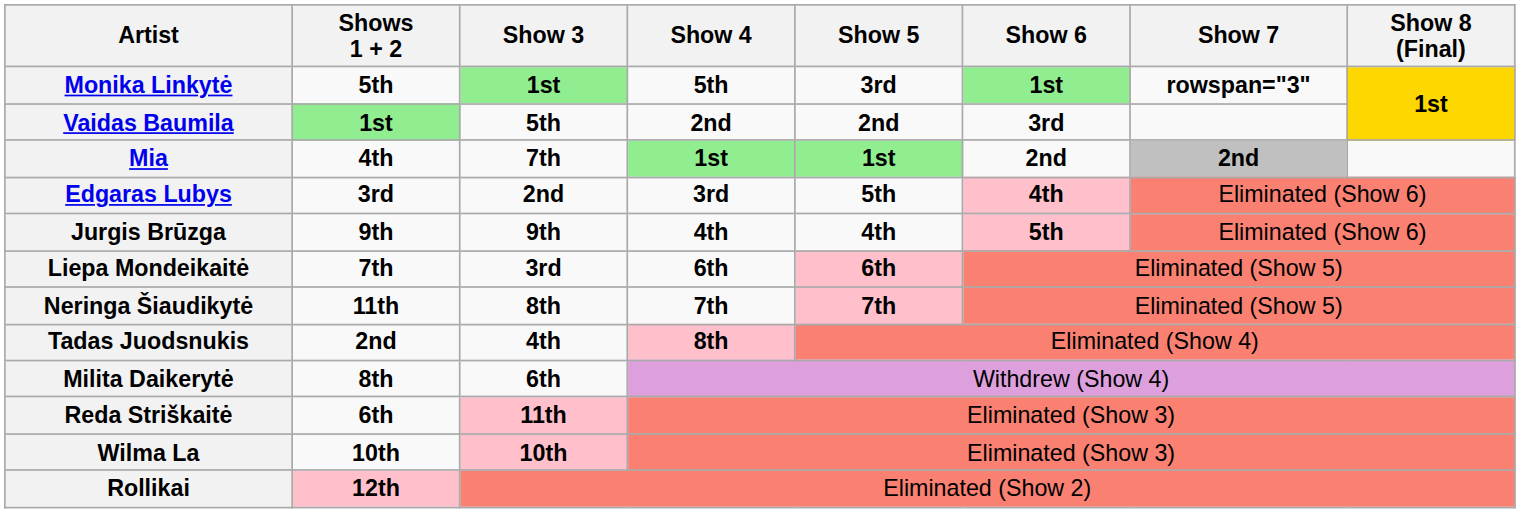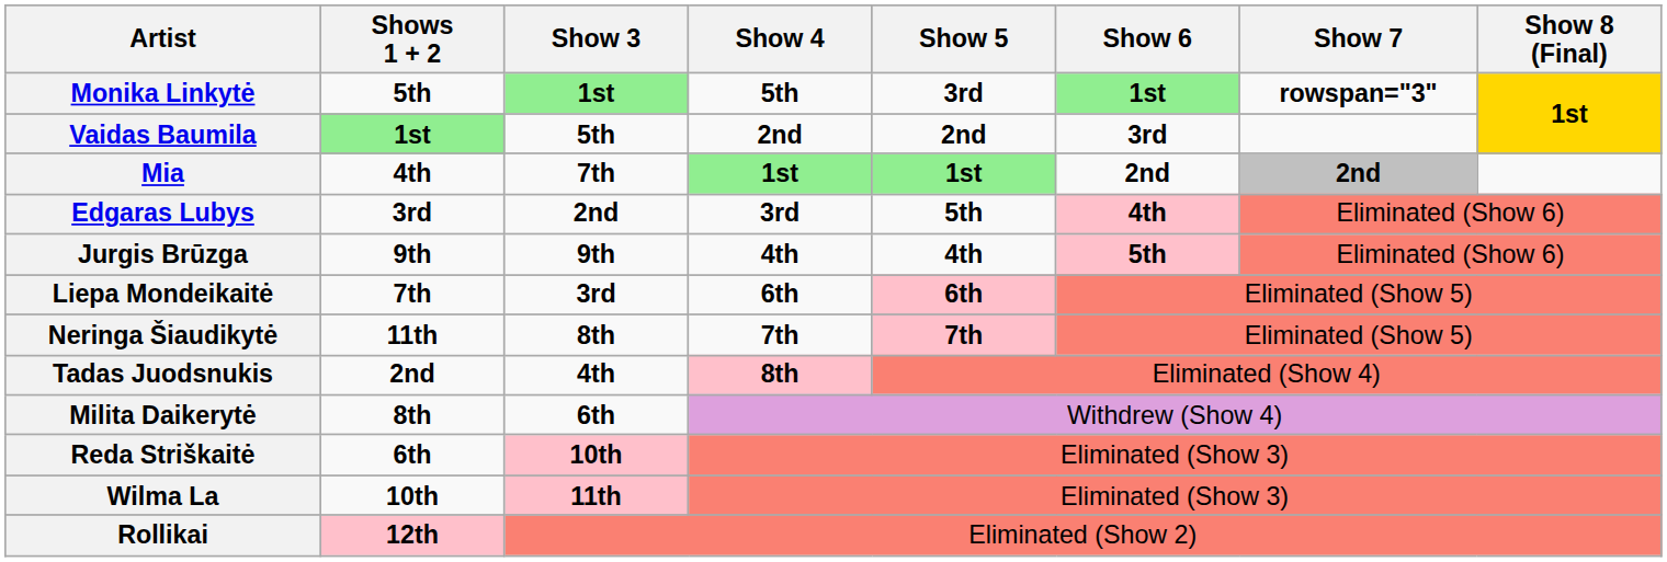 <table class="wikitable" style="margin: 1em auto 1em auto; text-align:center; font-size:85%">
 <tr>
 <th style="width:12%">Artist</th>
 <th scope="col"style="width:7%">Shows<br>1 + 2</th>
 <th scope="col"style="width:7%">Show 3</th>
 <th scope="col"style="width:7%">Show 4</th>
 <th scope="col"style="width:7%">Show 5</th>
 <th scope="col"style="width:7%">Show 6</th>
 <th scope="col"style="width:7%">Show 7</th>
 <th scope="col" style="width:7%">Show 8<br>(Final)</th>
 </tr>
 <tr>
 <th scope="row"><a href='#'>Monika Linkytė</a></th>
 <td><strong>5th</strong></td>
 <td style="background:lightgreen"><strong>1st</strong></td>
 <td><strong>5th</strong></td>
 <td><strong>3rd</strong></td>
 <td style="background:lightgreen"><strong>1st</strong></td>
 <td><strong>rowspan="3" </strong></td>
 <td style="background:gold" rowspan="2"><strong>1st</strong></td>
 </tr>
 <tr>
 <th scope="row"><a href='#'>Vaidas Baumila</a></th>
 <td style="background:lightgreen"><strong>1st</strong></td>
 <td><strong>5th</strong></td>
 <td><strong>2nd</strong></td>
 <td><strong>2nd</strong></td>
 <td><strong>3rd</strong></td>
 </tr>
 <tr>
 <th scope="row"><a href='#'>Mia</a></th>
 <td><strong>4th</strong></td>
 <td><strong>7th</strong></td>
 <td style="background:lightgreen"><strong>1st</strong></td>
 <td style="background:lightgreen"><strong>1st</strong></td>
 <td><strong>2nd</strong></td>
 <td style="background:silver"><strong>2nd</strong></td>
 </tr>
 <tr>
 <th scope="row"><a href='#'>Edgaras Lubys</a></th>
 <td><strong>3rd</strong></td>
 <td><strong>2nd</strong></td>
 <td><strong>3rd</strong></td>
 <td><strong>5th</strong></td>
 <td style="background:pink"><strong>4th</strong></td>
 <td colspan="2" style="background:#FA8072">Eliminated (Show 6)</td>
 </tr>
 <tr>
 <th scope="row">Jurgis Brūzga</th>
 <td><strong>9th</strong></td>
 <td><strong>9th</strong></td>
 <td><strong>4th</strong></td>
 <td><strong>4th</strong></td>
 <td style="background:pink"><strong>5th</strong></td>
 <td colspan="2" style="background:#FA8072">Eliminated (Show 6)</td>
 </tr>
 <tr>
 <th scope="row">Liepa Mondeikaitė</th>
 <td><strong>7th</strong></td>
 <td><strong>3rd</strong></td>
 <td><strong>6th</strong></td>
 <td style="background:pink"><strong>6th</strong></td>
 <td colspan="3" style="background:#FA8072">Eliminated (Show 5)</td>
 </tr>
 <tr>
 <th scope="row">Neringa Šiaudikytė</th>
 <td><strong>11th</strong></td>
 <td><strong>8th</strong></td>
 <td><strong>7th</strong></td>
 <td style="background:pink"><strong>7th</strong></td>
 <td colspan="3" style="background:#FA8072">Eliminated (Show 5)</td>
 </tr>
 <tr>
 <th scope="row">Tadas Juodsnukis</th>
 <td><strong>2nd</strong></td>
 <td><strong>4th</strong></td>
 <td style="background:pink"><strong>8th</strong></td>
 <td colspan="4" style="background:#FA8072">Eliminated (Show 4)</td>
 </tr>
 <tr>
 <th scope="row">Milita Daikerytė</th>
 <td><strong>8th</strong></td>
 <td><strong>6th</strong></td>
 <td colspan="5" style="background:#DDA0DD">Withdrew (Show 4)</td>
 </tr>
 <tr>
 <th scope="row">Reda Striškaitė</th>
 <td><strong>6th</strong></td>
-<td style="background:pink"><strong>11th</strong></td>
+<td style="background:pink"><strong>10th</strong></td>
 <td colspan="5" style="background:#FA8072">Eliminated (Show 3)</td>
 </tr>
 <tr>
 <th scope="row">Wilma La</th>
 <td><strong>10th</strong></td>
-<td style="background:pink"><strong>10th</strong></td>
+<td style="background:pink"><strong>11th</strong></td>
 <td colspan="5" style="background:#FA8072">Eliminated (Show 3)</td>
 </tr>
 <tr>
 <th scope="row">Rollikai</th>
 <td style="background:pink"><strong>12th</strong></td>
 <td colspan="6" style="background:#FA8072">Eliminated (Show 2)</td>
 </tr>
 </table>
